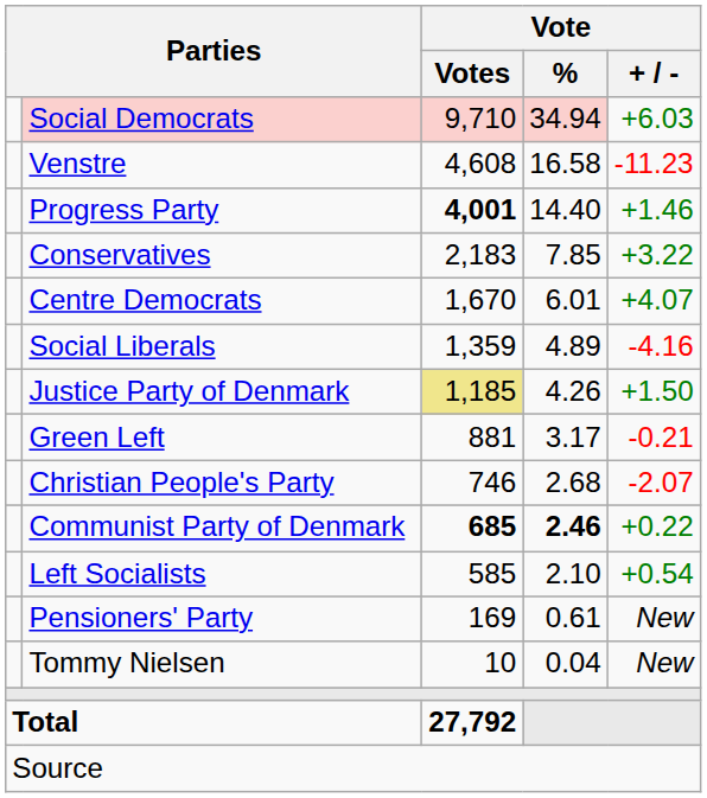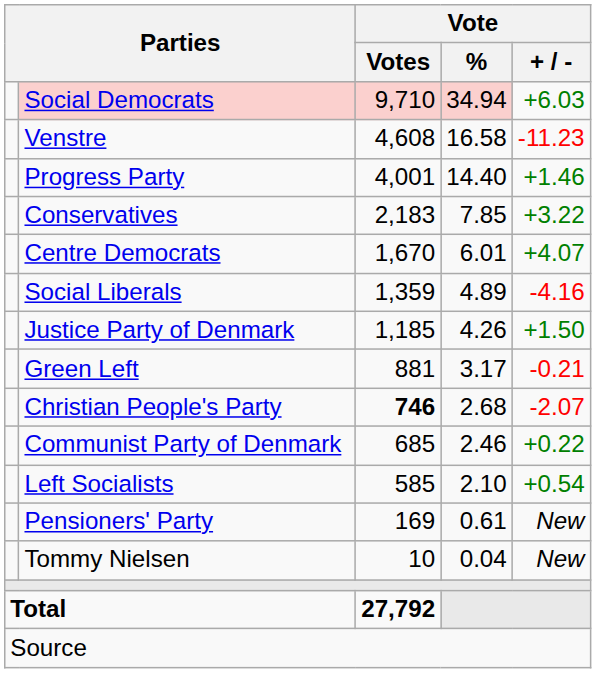 <table class="wikitable" style="text-align:right;">
 <tr>
 <th style="text-align:centre;" rowspan="2" colspan="2" width="225">Parties</th>
 <th colspan="3">Vote</th>
 </tr>
 <tr>
 <th width="15">Votes</th>
 <th width="15">%</th>
 <th width="15">+ / -</th>
 </tr>
 <tr>
 <td width="2" style="color:inherit;background:"></td>
 <td bgcolor=#fbd0ce  align="left"><a href='#'>Social Democrats</a></td>
 <td bgcolor=#fbd0ce>9,710</td>
 <td bgcolor=#fbd0ce>34.94</td>
 <td style=color:green;>+6.03</td>
 </tr>
 <tr>
 <td width="2" style="color:inherit;background:"></td>
 <td align="left"><a href='#'>Venstre</a></td>
 <td>4,608</td>
 <td>16.58</td>
 <td style=color:red;>-11.23</td>
 </tr>
 <tr>
 <td width="2" style="color:inherit;background:"></td>
 <td align="left"><a href='#'>Progress Party</a></td>
-<td><strong>4,001</strong></td>
+<td>4,001</td>
 <td>14.40</td>
 <td style=color:green;>+1.46</td>
 </tr>
 <tr>
 <td width="2" style="color:inherit;background:"></td>
 <td align="left"><a href='#'>Conservatives</a></td>
 <td>2,183</td>
 <td>7.85</td>
 <td style=color:green;>+3.22</td>
 </tr>
 <tr>
 <td width="2" style="color:inherit;background:"></td>
 <td align="left"><a href='#'>Centre Democrats</a></td>
 <td>1,670</td>
 <td>6.01</td>
 <td style=color:green;>+4.07</td>
 </tr>
 <tr>
 <td width="2" style="color:inherit;background:"></td>
 <td align="left"><a href='#'>Social Liberals</a></td>
 <td>1,359</td>
 <td>4.89</td>
 <td style=color:red;>-4.16</td>
 </tr>
 <tr>
 <td width="2" style="color:inherit;background:"></td>
 <td align="left"><a href='#'>Justice Party of Denmark</a></td>
-<td style="background: khaki;">1,185</td>
+<td>1,185</td>
 <td>4.26</td>
 <td style=color:green;>+1.50</td>
 </tr>
 <tr>
 <td width="2" style="color:inherit;background:"></td>
 <td align="left"><a href='#'>Green Left</a></td>
 <td>881</td>
 <td>3.17</td>
 <td style=color:red;>-0.21</td>
 </tr>
 <tr>
 <td width="2" style="color:inherit;background:"></td>
 <td align="left"><a href='#'>Christian People's Party</a></td>
-<td>746</td>
+<td><strong>746</strong></td>
 <td>2.68</td>
 <td style=color:red;>-2.07</td>
 </tr>
 <tr>
 <td width="2" style="color:inherit;background:"></td>
 <td align="left"><a href='#'>Communist Party of Denmark</a></td>
-<td><strong>685</strong></td>
-<td><strong>2.46</strong></td>
+<td>685</td>
+<td>2.46</td>
 <td style=color:green;>+0.22</td>
 </tr>
 <tr>
 <td width="2" style="color:inherit;background:"></td>
 <td align="left"><a href='#'>Left Socialists</a></td>
 <td>585</td>
 <td>2.10</td>
 <td style=color:green;>+0.54</td>
 </tr>
 <tr>
 <td width="2" style="color:inherit;background:"></td>
 <td align="left"><a href='#'>Pensioners' Party</a></td>
 <td>169</td>
 <td>0.61</td>
 <td><em>New</em></td>
 </tr>
 <tr>
 <td width="2" style="color:inherit;background:"></td>
 <td align="left">Tommy Nielsen</td>
 <td>10</td>
 <td>0.04</td>
 <td><em>New</em></td>
 </tr>
 <tr>
 <td colspan="7" bgcolor="#E9E9E9"></td>
 </tr>
 <tr>
 <td align="left" colspan="2"><strong>Total</strong></td>
 <td><strong>27,792</strong></td>
 <td bgcolor="#E9E9E9" colspan="2"></td>
 </tr>
 <tr>
 <td align="left" colspan="6">Source</td>
 </tr>
 </table>
